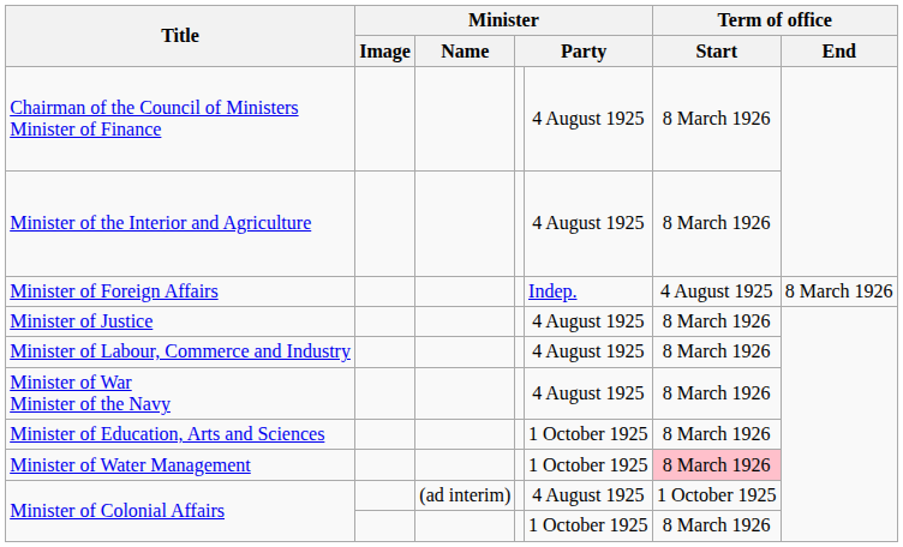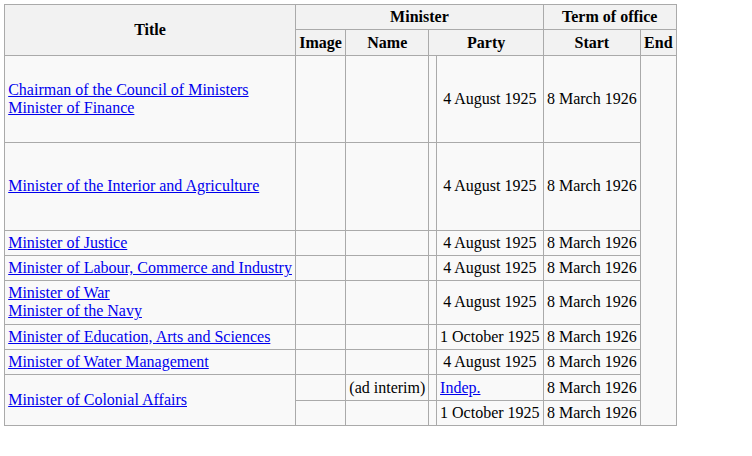 <table class="wikitable sortable" style="text-align:left">
 <tr>
 <th rowspan="2">Title</th>
 <th colspan="4">Minister</th>
 <th colspan="2">Term of office</th>
 </tr>
 <tr>
 <th class="unsortable">Image</th>
 <th>Name</th>
 <th colspan="2">Party</th>
 <th data-sort-type="date">Start</th>
 <th data-sort-type=date>End</th>
 </tr>
 <tr>
 <td><a href='#'>Chairman of the Council of Ministers</a> <br> <a href='#'>Minister of Finance</a></td>
 <td height="80px"></td>
 <td></td>
 <td></td>
 <td style="text-align:center">4 August 1925</td>
 <td style="text-align:center">8 March 1926</td>
 </tr>
 <tr>
 <td><a href='#'>Minister of the Interior and Agriculture</a></td>
 <td height="80px"></td>
 <td></td>
 <td></td>
-<td style="text-align:center">4 August 1925</td>
-<td style="text-align:center">8 March 1926</td>
-</tr>
-<tr>
-<td><a href='#'>Minister of Foreign Affairs</a></td>
-<td height=“80px”></td>
-<td></td>
-<td style="background:"></td>
-<td><a href='#'>Indep.</a></td>
 <td style="text-align:center">4 August 1925</td>
 <td style="text-align:center">8 March 1926</td>
 </tr>
 <tr>
 <td><a href='#'>Minister of Justice</a></td>
 <td height=“80px”></td>
 <td></td>
 <td></td>
 <td style="text-align:center">4 August 1925</td>
 <td style="text-align:center">8 March 1926</td>
 </tr>
 <tr>
 <td><a href='#'>Minister of Labour, Commerce and Industry</a></td>
 <td height=“80px”></td>
 <td></td>
 <td></td>
 <td style="text-align:center">4 August 1925</td>
 <td style="text-align:center">8 March 1926</td>
 </tr>
 <tr>
 <td><a href='#'>Minister of War</a> <br> <a href='#'>Minister of the Navy</a></td>
 <td height=“80px”></td>
 <td></td>
 <td></td>
 <td style="text-align:center">4 August 1925</td>
 <td style="text-align:center">8 March 1926</td>
 </tr>
 <tr>
 <td><a href='#'>Minister of Education, Arts and Sciences</a></td>
 <td height=“80px”></td>
 <td></td>
 <td></td>
 <td style="text-align:center">1 October 1925</td>
 <td style="text-align:center">8 March 1926</td>
 </tr>
 <tr>
 <td><a href='#'>Minister of Water Management</a></td>
 <td height=“80px”></td>
 <td></td>
 <td></td>
-<td style="text-align:center">1 October 1925</td>
-<td style="background: pink; text-align:center">8 March 1926</td>
+<td style="text-align:center">4 August 1925</td>
+<td style="text-align:center">8 March 1926</td>
 </tr>
 <tr>
 <td rowspan=2><a href='#'>Minister of Colonial Affairs</a></td>
 <td height=“80px”></td>
 <td> (ad interim)</td>
 <td></td>
-<td style="text-align:center">4 August 1925</td>
-<td style="text-align:center">1 October 1925</td>
+<td><a href='#'>Indep.</a></td>
+<td style="text-align:center">8 March 1926</td>
 </tr>
 <tr>
 <td height=“80px”></td>
 <td></td>
 <td></td>
 <td style="text-align:center">1 October 1925</td>
 <td style="text-align:center">8 March 1926</td>
 </tr>
 </table>
